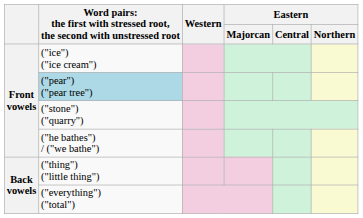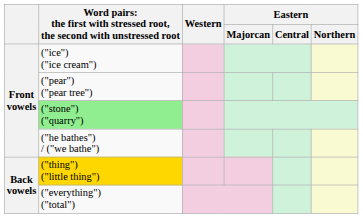 <table class="wikitable">
 <tr>
 <th rowspan="2"></th>
 <th rowspan="2">Word pairs:<br>the first with stressed root,<br>the second with unstressed root</th>
 <th rowspan="2">Western</th>
 <th colspan="3">Eastern</th>
 </tr>
 <tr>
 <th>Majorcan</th>
 <th>Central</th>
 <th>Northern</th>
 </tr>
 <tr>
 <th rowspan="4">Front <br> vowels</th>
 <td><strong></strong> ("ice") <br> <strong></strong> ("ice cream")</td>
 <td style="background:#f2cee0;"> <br> </td>
 <td colspan="2" style="background:#cef2da;"> <br> </td>
 <td style="background:#fafad2;"> <br> </td>
 </tr>
 <tr>
-<td style="background: lightblue;"><strong></strong> ("pear") <br> <strong></strong> ("pear tree")</td>
+<td><strong></strong> ("pear") <br> <strong></strong> ("pear tree")</td>
 <td style="background:#f2cee0;"> <br> </td>
 <td style="background:#cef2da;"> <br> </td>
 <td style="background:#cef2da;"> <br> </td>
 <td style="background:#fafad2;"><br></td>
 </tr>
 <tr>
-<td><strong></strong> ("stone") <br> <strong></strong> ("quarry")</td>
+<td style="background: lightgreen;"><strong></strong> ("stone") <br> <strong></strong> ("quarry")</td>
 <td style="background:#f2cee0;"> <br> </td>
 <td colspan="3" style="background:#cef2da;"> <br> </td>
 </tr>
 <tr>
 <td><strong></strong> ("he bathes") <br> <strong></strong>/ ("we bathe")</td>
 <td style="background:#f2cee0;"> <br> </td>
 <td style="background:#cef2da;"> <br> </td>
 <td style="background:#cef2da;"> <br> </td>
 <td style="background:#fafad2;"> <br> </td>
 </tr>
 <tr>
 <th rowspan="2">Back <br> vowels</th>
-<td><strong></strong> ("thing") <br> <strong></strong> ("little thing")</td>
+<td style="background: gold;"><strong></strong> ("thing") <br> <strong></strong> ("little thing")</td>
 <td style="background:#f2cee0;"> <br> </td>
 <td style="background:#f2cee0;"> <br> </td>
 <td style="background:#cef2da;"> <br> </td>
 <td style="background:#fafad2;"> <br> </td>
 </tr>
 <tr>
 <td><strong></strong> ("everything") <br> <strong></strong> ("total")</td>
 <td colspan="2" style="background:#f2cee0;"> <br> </td>
 <td style="background:#cef2da;"> <br> </td>
 <td style="background:#fafad2;"> <br> </td>
 </tr>
 </table>
